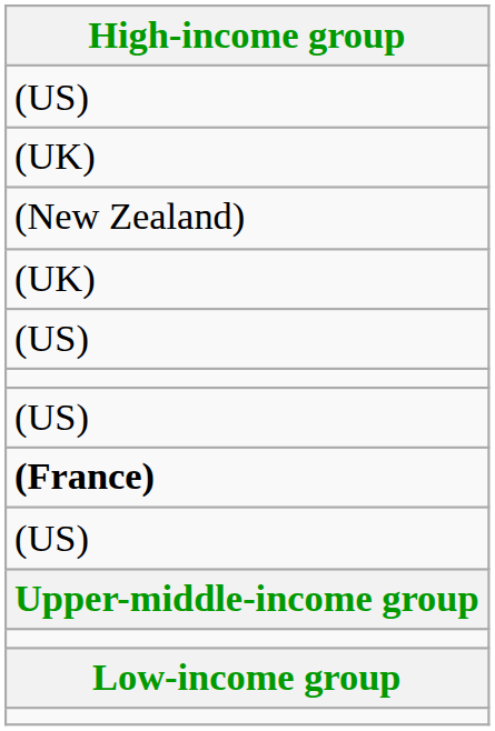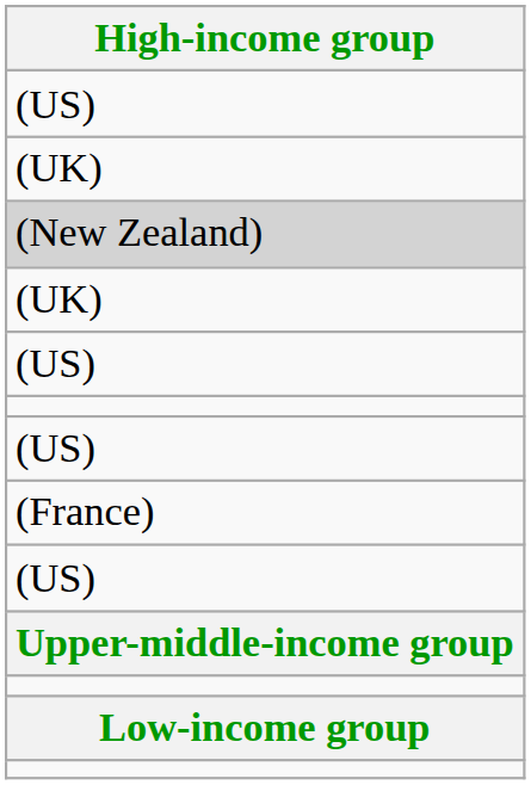 <table class="wikitable">
 <tr>
 <th scope="row" colspan="5" style="color:#090; text-align:center">High-income group</th>
 </tr>
 <tr>
 <td><em></em> (US)</td>
 </tr>
 <tr>
 <td><em></em> (UK)</td>
 </tr>
 <tr>
-<td><em></em> (New Zealand)</td>
+<td style="background: lightgrey;"><em></em> (New Zealand)</td>
 </tr>
 <tr>
 <td><em></em> (UK)</td>
 </tr>
 <tr>
 <td><em></em> (US)</td>
 </tr>
 <tr>
 <td></td>
 </tr>
 <tr>
 <td><em></em> (US)</td>
 </tr>
 <tr>
-<td><strong><em></em> (France)</strong></td>
+<td><em></em> (France)</td>
 </tr>
 <tr>
 <td><em></em> (US)</td>
 </tr>
 <tr>
 <th scope="row" colspan="5" style="color:#090; text-align:center">Upper-middle-income group</th>
 </tr>
 <tr>
 <td></td>
 </tr>
 <tr>
 <th scope="row" colspan="5" style="color:#090; text-align:center">Low-income group</th>
 </tr>
 <tr>
 <td></td>
 </tr>
 </table>
